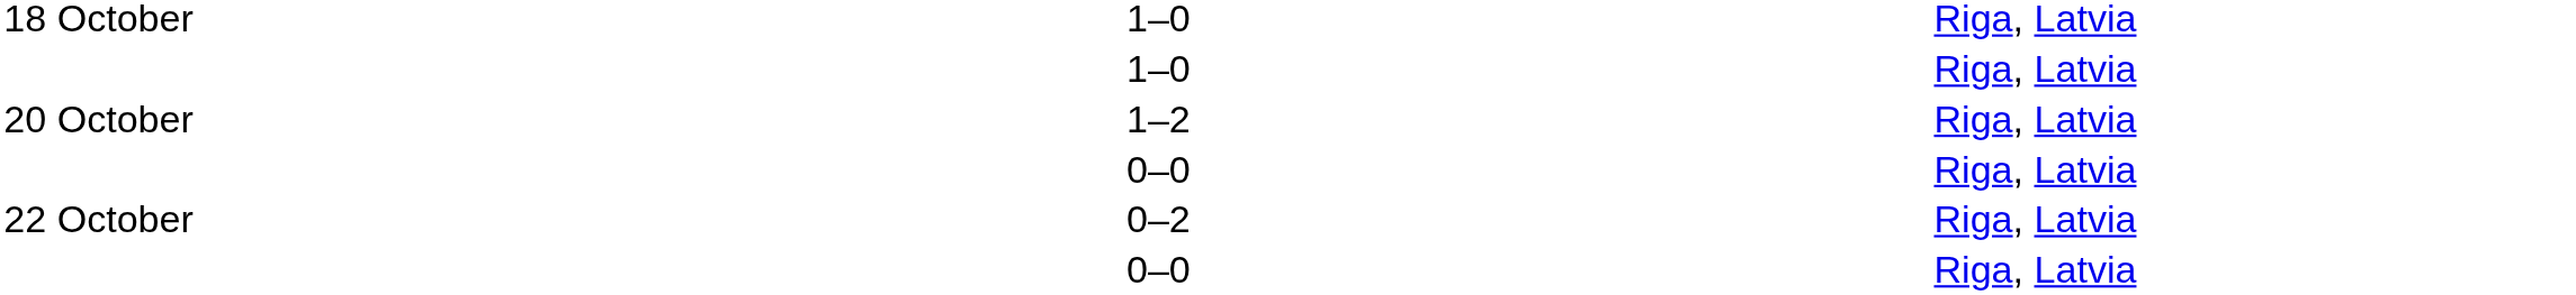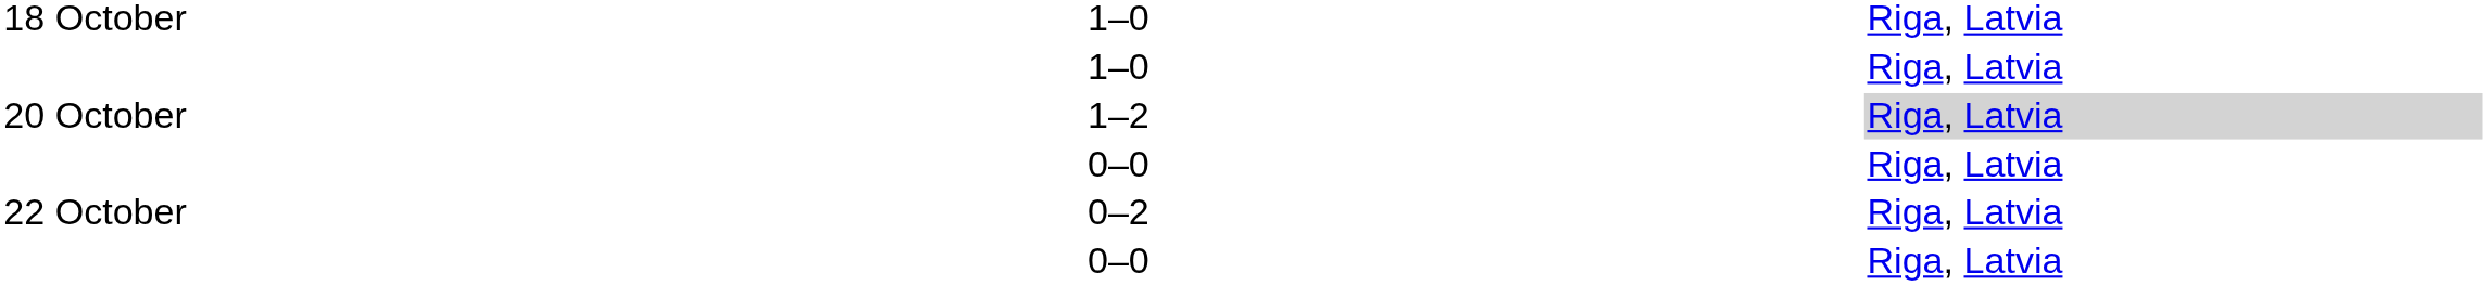 <table cellspacing=1 width=85%>
 <tr>
 <th width=15%></th>
 <th width=25%></th>
 <th width=10%></th>
 <th width=25%></th>
 <th width=25%></th>
 </tr>
 <tr>
 <td>18 October</td>
 <td align=right></td>
 <td align=center>1–0</td>
 <td></td>
 <td><a href='#'>Riga</a>, <a href='#'>Latvia</a></td>
 </tr>
 <tr>
 <td></td>
 <td align=right></td>
 <td align=center>1–0</td>
 <td></td>
 <td><a href='#'>Riga</a>, <a href='#'>Latvia</a></td>
 </tr>
 <tr>
 <td>20 October</td>
 <td align=right></td>
 <td align=center>1–2</td>
 <td></td>
-<td><a href='#'>Riga</a>, <a href='#'>Latvia</a></td>
+<td style="background: lightgrey;"><a href='#'>Riga</a>, <a href='#'>Latvia</a></td>
 </tr>
 <tr>
 <td></td>
 <td align=right></td>
 <td align=center>0–0</td>
 <td></td>
 <td><a href='#'>Riga</a>, <a href='#'>Latvia</a></td>
 </tr>
 <tr>
 <td>22 October</td>
 <td align=right></td>
 <td align=center>0–2</td>
 <td></td>
 <td><a href='#'>Riga</a>, <a href='#'>Latvia</a></td>
 </tr>
 <tr>
 <td></td>
 <td align=right></td>
 <td align=center>0–0</td>
 <td></td>
 <td><a href='#'>Riga</a>, <a href='#'>Latvia</a></td>
 </tr>
 </table>
